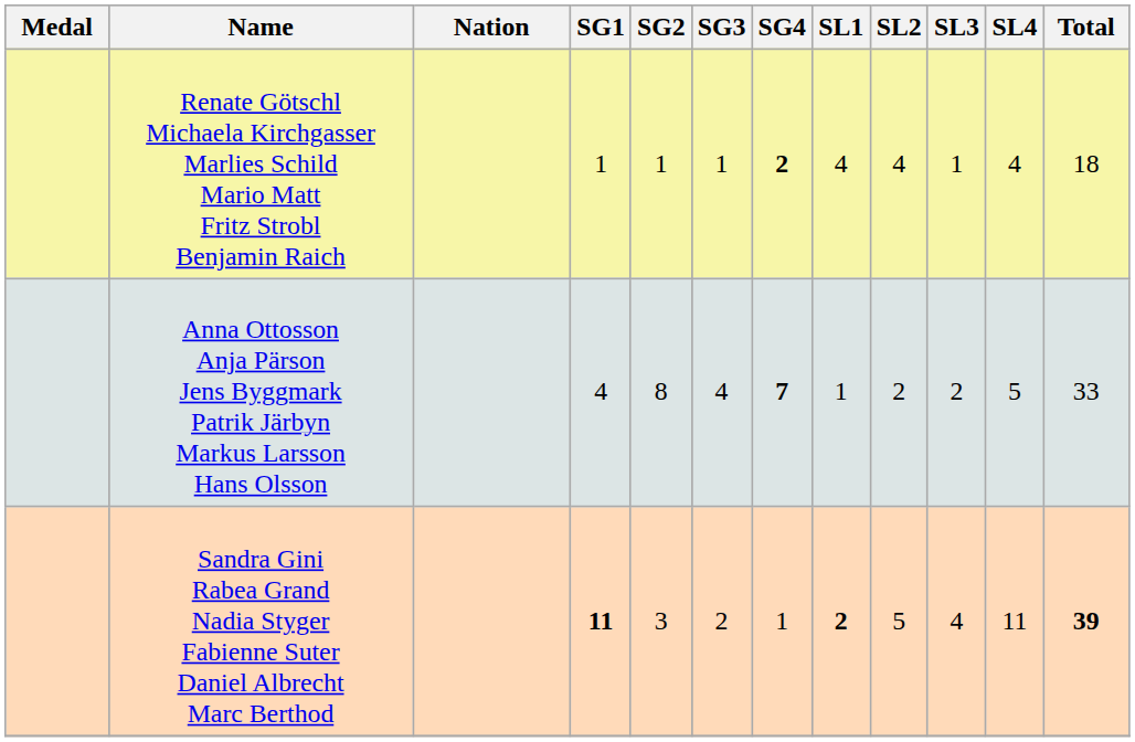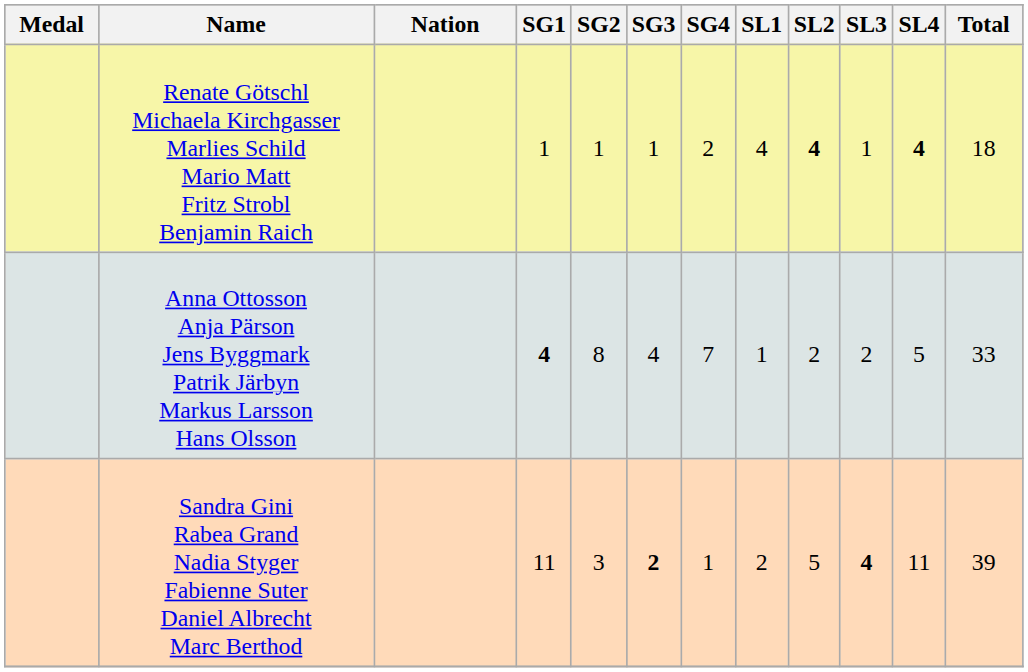 <table class=wikitable style="border:1px solid #AAAAAA;font-size:90%">
 <tr bgcolor="#E4E4E4">
 <th width=50>Medal</th>
 <th width=160>Name</th>
 <th width=80>Nation</th>
 <th width=25>SG1</th>
 <th width=25>SG2</th>
 <th width=25>SG3</th>
 <th width=25>SG4</th>
 <th width=25>SL1</th>
 <th width=25>SL2</th>
 <th width=25>SL3</th>
 <th width=25>SL4</th>
 <th width=40>Total</th>
 </tr>
 <tr align="center" valign="top" bgcolor="#F7F6A8">
 <td valign="middle"></td>
 <td><br><a href='#'>Renate Götschl</a><br> <a href='#'>Michaela Kirchgasser</a><br> <a href='#'>Marlies Schild</a><br> <a href='#'>Mario Matt</a><br> <a href='#'>Fritz Strobl</a><br> <a href='#'>Benjamin Raich</a></td>
 <td valign="middle"></td>
 <td valign="middle">1</td>
 <td valign="middle">1</td>
 <td valign="middle">1</td>
-<td valign="middle"><strong>2</strong></td>
+<td valign="middle">2</td>
 <td valign="middle">4</td>
-<td valign="middle">4</td>
+<td valign="middle"><strong>4</strong></td>
 <td valign="middle">1</td>
-<td valign="middle">4</td>
+<td valign="middle"><strong>4</strong></td>
 <td valign="middle">18</td>
 </tr>
 <tr align="center" valign="top" bgcolor="#DCE5E5">
 <td valign="middle"></td>
 <td><br><a href='#'>Anna Ottosson</a><br> <a href='#'>Anja Pärson</a><br> <a href='#'>Jens Byggmark</a><br> <a href='#'>Patrik Järbyn</a><br> <a href='#'>Markus Larsson</a><br> <a href='#'>Hans Olsson</a></td>
 <td valign="middle"></td>
-<td valign="middle">4</td>
+<td valign="middle"><strong>4</strong></td>
 <td valign="middle">8</td>
 <td valign="middle">4</td>
-<td valign="middle"><strong>7</strong></td>
+<td valign="middle">7</td>
 <td valign="middle">1</td>
 <td valign="middle">2</td>
 <td valign="middle">2</td>
 <td valign="middle">5</td>
 <td valign="middle">33</td>
 </tr>
 <tr align="center" valign="top" bgcolor="#FFDAB9">
 <td valign="middle"></td>
 <td><br><a href='#'>Sandra Gini</a><br> <a href='#'>Rabea Grand</a><br> <a href='#'>Nadia Styger</a><br> <a href='#'>Fabienne Suter</a><br> <a href='#'>Daniel Albrecht</a><br> <a href='#'>Marc Berthod</a><br></td>
 <td valign="middle"></td>
-<td valign="middle"><strong>11</strong></td>
+<td valign="middle">11</td>
 <td valign="middle">3</td>
+<td valign="middle"><strong>2</strong></td>
+<td valign="middle">1</td>
 <td valign="middle">2</td>
-<td valign="middle">1</td>
-<td valign="middle"><strong>2</strong></td>
 <td valign="middle">5</td>
-<td valign="middle">4</td>
+<td valign="middle"><strong>4</strong></td>
 <td valign="middle">11</td>
-<td valign="middle"><strong>39</strong></td>
+<td valign="middle">39</td>
 </tr>
 <tr align="center" valign="top" bgcolor="#FFFFFF">
 </tr>
 </table>
